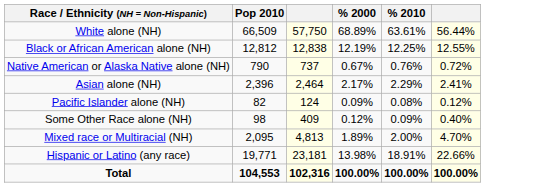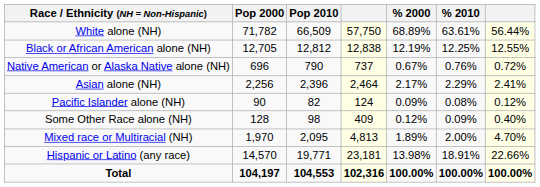 <table class="wikitable" style="text-align:center;">
 <tr>
 <th>Race / Ethnicity <small>(<em>NH = Non-Hispanic</em>)</small></th>
+<th>Pop 2000</th>
 <th>Pop 2010</th>
 <th></th>
 <th>% 2000</th>
 <th>% 2010</th>
 <th></th>
 </tr>
 <tr>
 <td><a href='#'>White</a> alone (NH)</td>
+<td>71,782</td>
 <td>66,509</td>
 <td style='background: #ffffe6;'>57,750</td>
 <td>68.89%</td>
 <td>63.61%</td>
 <td style='background: #ffffe6;'>56.44%</td>
 </tr>
 <tr>
 <td><a href='#'>Black or African American</a> alone (NH)</td>
+<td>12,705</td>
 <td>12,812</td>
 <td style='background: #ffffe6;'>12,838</td>
 <td>12.19%</td>
 <td>12.25%</td>
 <td style='background: #ffffe6;'>12.55%</td>
 </tr>
 <tr>
 <td><a href='#'>Native American</a> or <a href='#'>Alaska Native</a> alone (NH)</td>
+<td>696</td>
 <td>790</td>
 <td style='background: #ffffe6;'>737</td>
 <td>0.67%</td>
 <td>0.76%</td>
 <td style='background: #ffffe6;'>0.72%</td>
 </tr>
 <tr>
 <td><a href='#'>Asian</a> alone (NH)</td>
+<td>2,256</td>
 <td>2,396</td>
 <td style='background: #ffffe6;'>2,464</td>
 <td>2.17%</td>
 <td>2.29%</td>
 <td style='background: #ffffe6;'>2.41%</td>
 </tr>
 <tr>
 <td><a href='#'>Pacific Islander</a> alone (NH)</td>
+<td>90</td>
 <td>82</td>
 <td style='background: #ffffe6;'>124</td>
 <td>0.09%</td>
 <td>0.08%</td>
 <td style='background: #ffffe6;'>0.12%</td>
 </tr>
 <tr>
 <td>Some Other Race alone (NH)</td>
+<td>128</td>
 <td>98</td>
 <td style='background: #ffffe6;'>409</td>
 <td>0.12%</td>
 <td>0.09%</td>
 <td style='background: #ffffe6;'>0.40%</td>
 </tr>
 <tr>
 <td><a href='#'>Mixed race or Multiracial</a> (NH)</td>
+<td>1,970</td>
 <td>2,095</td>
 <td style='background: #ffffe6;'>4,813</td>
 <td>1.89%</td>
 <td>2.00%</td>
 <td style='background: #ffffe6;'>4.70%</td>
 </tr>
 <tr>
 <td><a href='#'>Hispanic or Latino</a> (any race)</td>
+<td>14,570</td>
 <td>19,771</td>
 <td style='background: #ffffe6;'>23,181</td>
 <td>13.98%</td>
 <td>18.91%</td>
 <td style='background: #ffffe6;'>22.66%</td>
 </tr>
 <tr>
 <td><strong>Total</strong></td>
+<td><strong>104,197</strong></td>
 <td><strong>104,553</strong></td>
 <td style='background: #ffffe6;'><strong>102,316</strong></td>
 <td><strong>100.00%</strong></td>
 <td><strong>100.00%</strong></td>
 <td style='background: #ffffe6;'><strong>100.00%</strong></td>
 </tr>
 </table>
